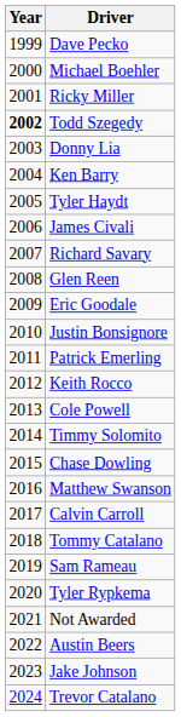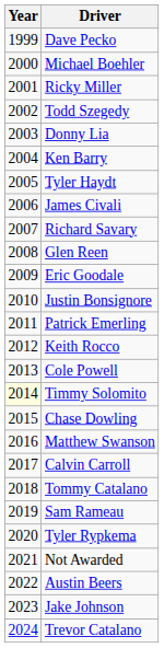 <table class="wikitable">
 <tr>
 <th scope="col">Year</th>
 <th scope="col">Driver</th>
 </tr>
 <tr>
 <td>1999</td>
 <td><a href='#'>Dave Pecko</a></td>
 </tr>
 <tr>
 <td>2000</td>
 <td><a href='#'>Michael Boehler</a></td>
 </tr>
 <tr>
 <td>2001</td>
 <td><a href='#'>Ricky Miller</a></td>
 </tr>
 <tr>
-<td><strong>2002</strong></td>
+<td>2002</td>
 <td><a href='#'>Todd Szegedy</a></td>
 </tr>
 <tr>
 <td>2003</td>
 <td><a href='#'>Donny Lia</a></td>
 </tr>
 <tr>
 <td>2004</td>
 <td><a href='#'>Ken Barry</a></td>
 </tr>
 <tr>
 <td>2005</td>
 <td><a href='#'>Tyler Haydt</a></td>
 </tr>
 <tr>
 <td>2006</td>
 <td><a href='#'>James Civali</a></td>
 </tr>
 <tr>
 <td>2007</td>
 <td><a href='#'>Richard Savary</a></td>
 </tr>
 <tr>
 <td>2008</td>
 <td><a href='#'>Glen Reen</a></td>
 </tr>
 <tr>
 <td>2009</td>
 <td><a href='#'>Eric Goodale</a></td>
 </tr>
 <tr>
 <td>2010</td>
 <td><a href='#'>Justin Bonsignore</a></td>
 </tr>
 <tr>
 <td>2011</td>
 <td><a href='#'>Patrick Emerling</a></td>
 </tr>
 <tr>
 <td>2012</td>
 <td><a href='#'>Keith Rocco</a></td>
 </tr>
 <tr>
 <td>2013</td>
 <td><a href='#'>Cole Powell</a></td>
 </tr>
 <tr>
-<td>2014</td>
+<td style="background: lightyellow;">2014</td>
 <td><a href='#'>Timmy Solomito</a></td>
 </tr>
 <tr>
 <td>2015</td>
 <td><a href='#'>Chase Dowling</a></td>
 </tr>
 <tr>
 <td>2016</td>
 <td><a href='#'>Matthew Swanson</a></td>
 </tr>
 <tr>
 <td>2017</td>
 <td><a href='#'>Calvin Carroll</a></td>
 </tr>
 <tr>
 <td>2018</td>
 <td><a href='#'>Tommy Catalano</a></td>
 </tr>
 <tr>
 <td>2019</td>
 <td><a href='#'>Sam Rameau</a></td>
 </tr>
 <tr>
 <td>2020</td>
 <td><a href='#'>Tyler Rypkema</a></td>
 </tr>
 <tr>
 <td>2021</td>
 <td>Not Awarded</td>
 </tr>
 <tr>
 <td>2022</td>
 <td><a href='#'>Austin Beers</a></td>
 </tr>
 <tr>
 <td>2023</td>
 <td><a href='#'>Jake Johnson</a></td>
 </tr>
 <tr>
 <td><a href='#'>2024</a></td>
 <td><a href='#'>Trevor Catalano</a></td>
 </tr>
 </table>
